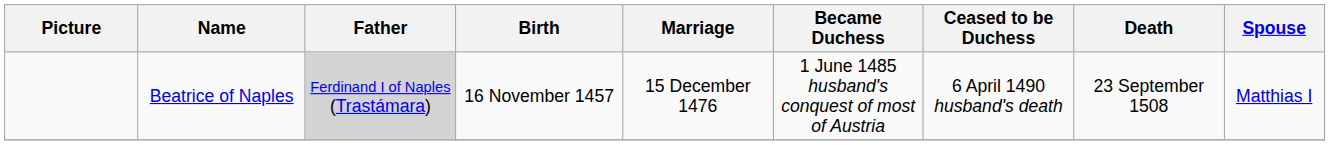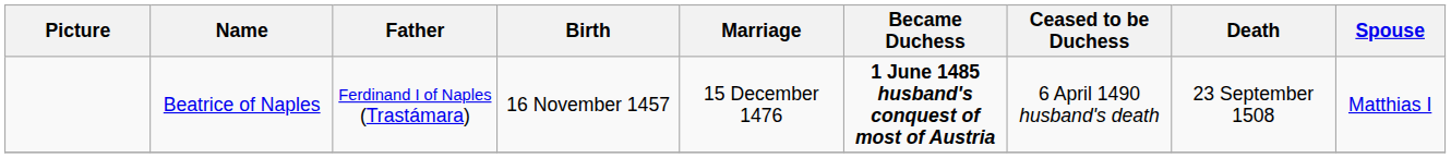 <table width=95% class="wikitable">
 <tr>
 <th width = "8%">Picture</th>
 <th width = "10%">Name</th>
 <th width = "9%">Father</th>
 <th width = "10%">Birth</th>
 <th width = "9%">Marriage</th>
 <th width = "9%">Became Duchess</th>
 <th width = "9%">Ceased to be Duchess</th>
 <th width = "9%">Death</th>
 <th width = "6%"><a href='#'>Spouse</a></th>
 </tr>
 <tr>
 <td align=center></td>
 <td align=center><a href='#'>Beatrice of Naples</a></td>
-<td align=center style="background: lightgrey;"><small><a href='#'>Ferdinand I of Naples</a></small> <br>(<a href='#'>Trastámara</a>)</td>
+<td align=center><small><a href='#'>Ferdinand I of Naples</a></small> <br>(<a href='#'>Trastámara</a>)</td>
 <td align=center>16 November 1457</td>
 <td align=center>15 December 1476</td>
-<td align=center>1 June 1485<br><em>husband's conquest of most of Austria</em></td>
+<td align=center><strong>1 June 1485<br><em>husband's conquest of most of Austria</em></strong></td>
 <td align=center>6 April 1490<br><em>husband's death</em></td>
 <td align=center>23 September 1508</td>
 <td align="center"><a href='#'>Matthias I</a></td>
 </tr>
 <tr>
 </tr>
 </table>
